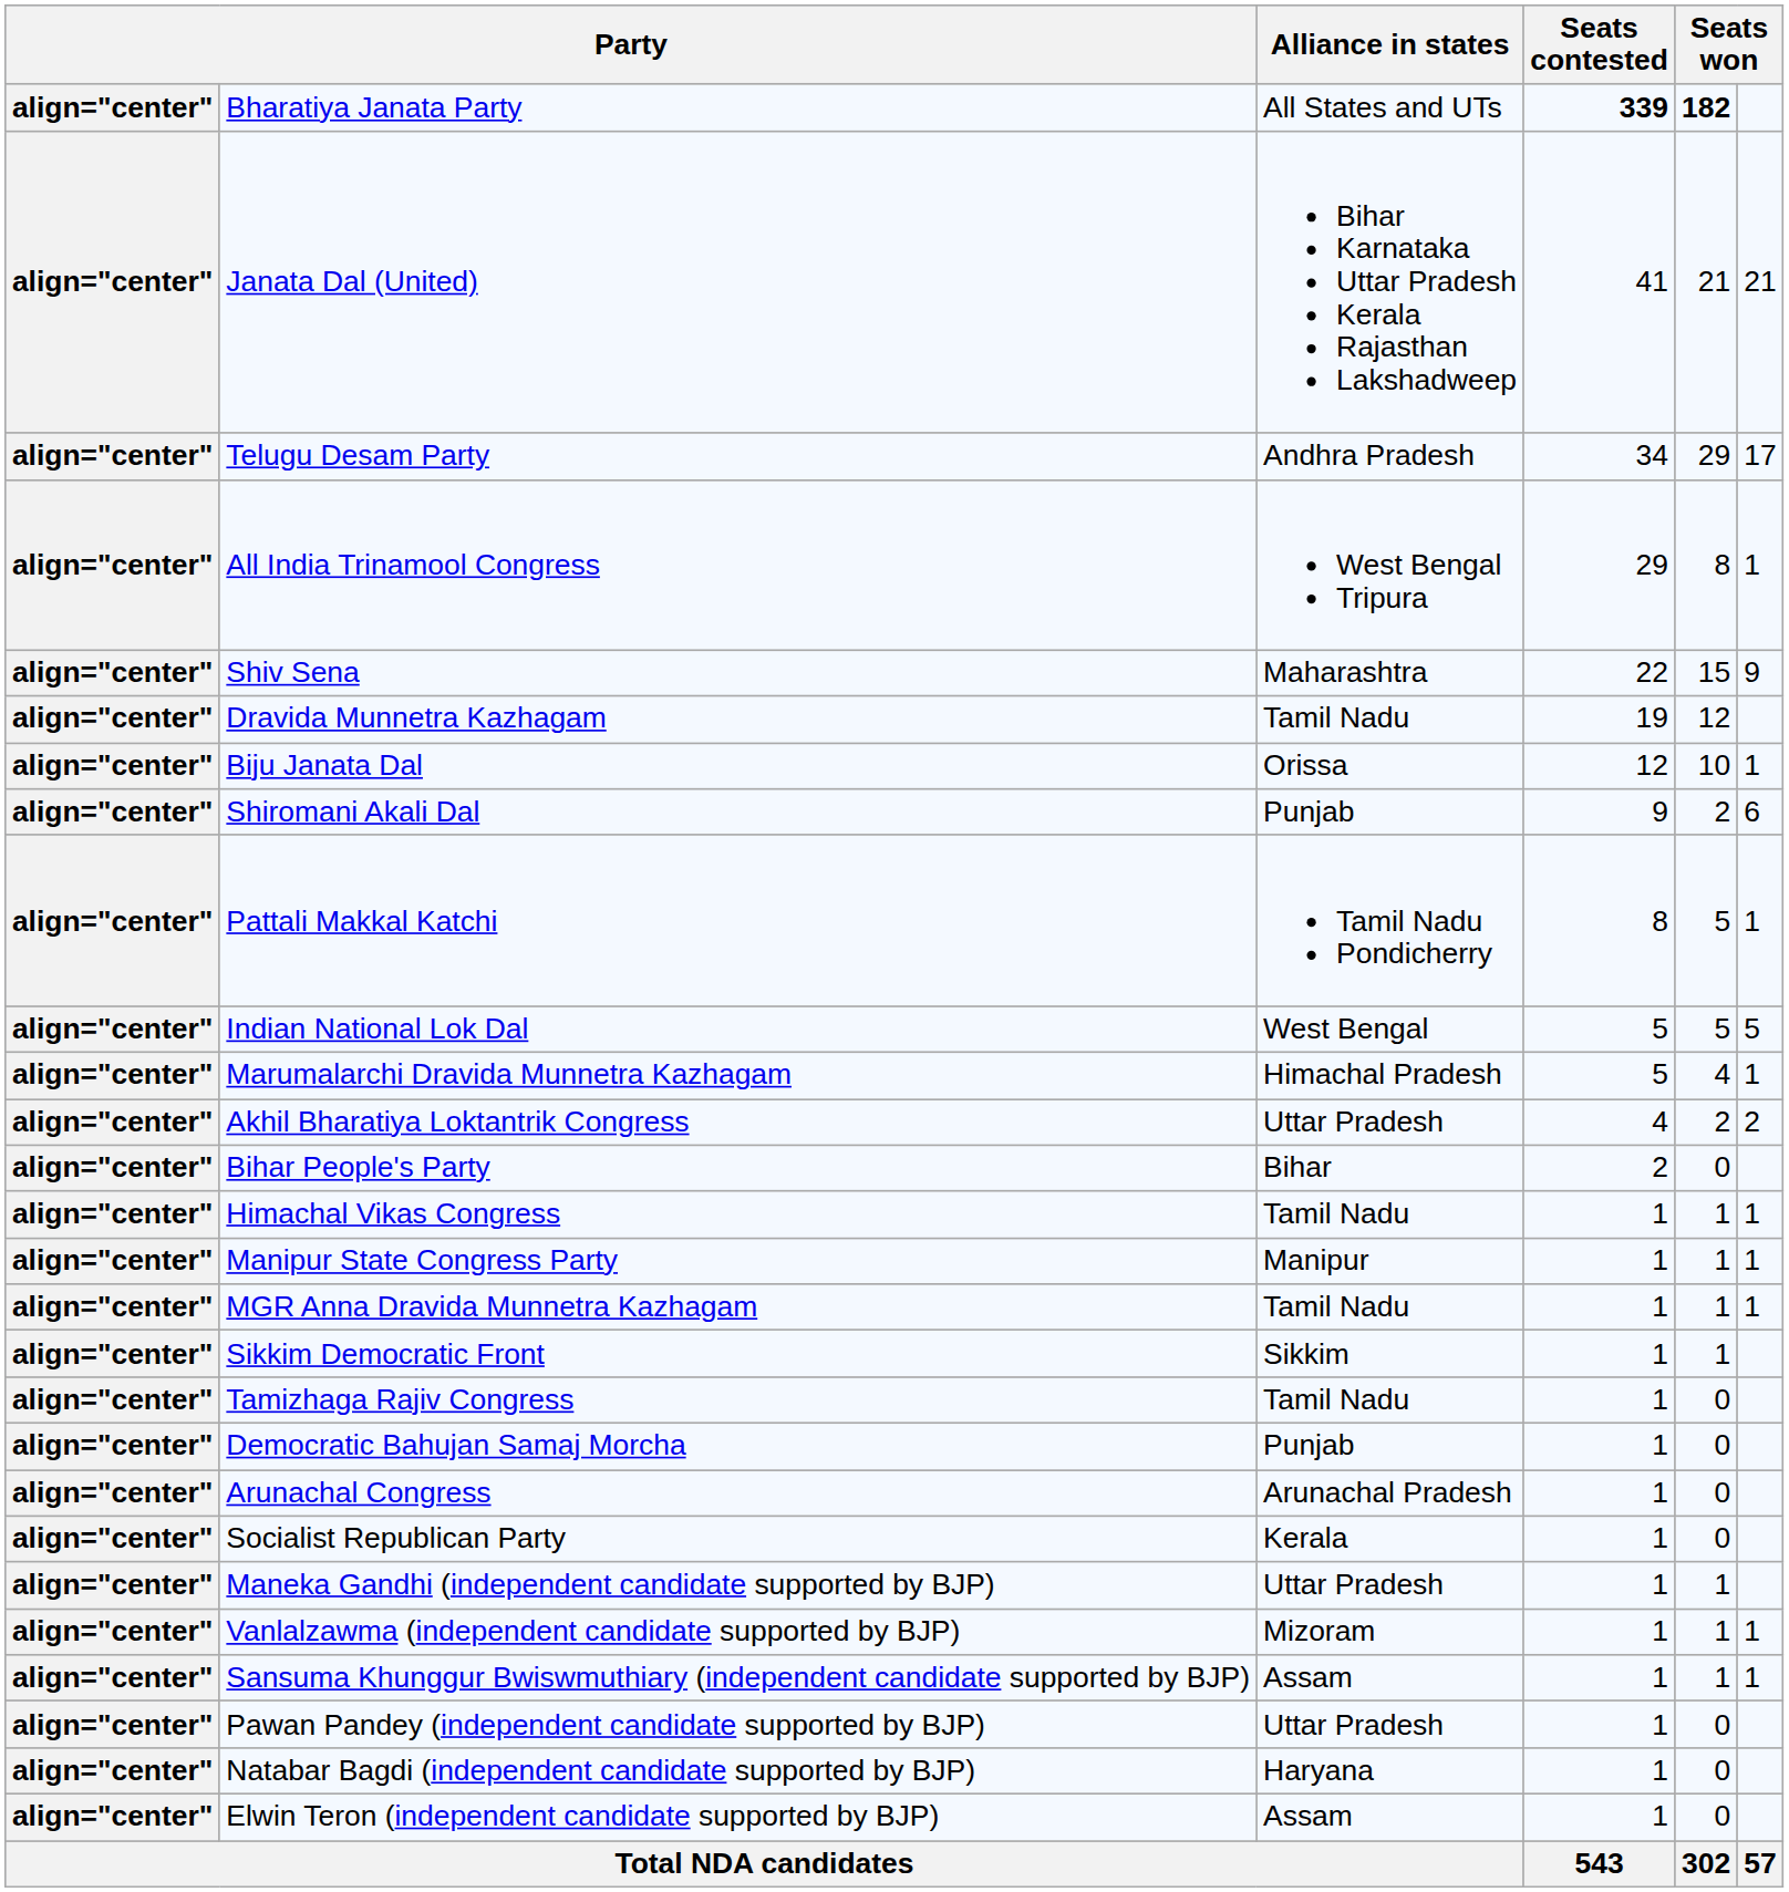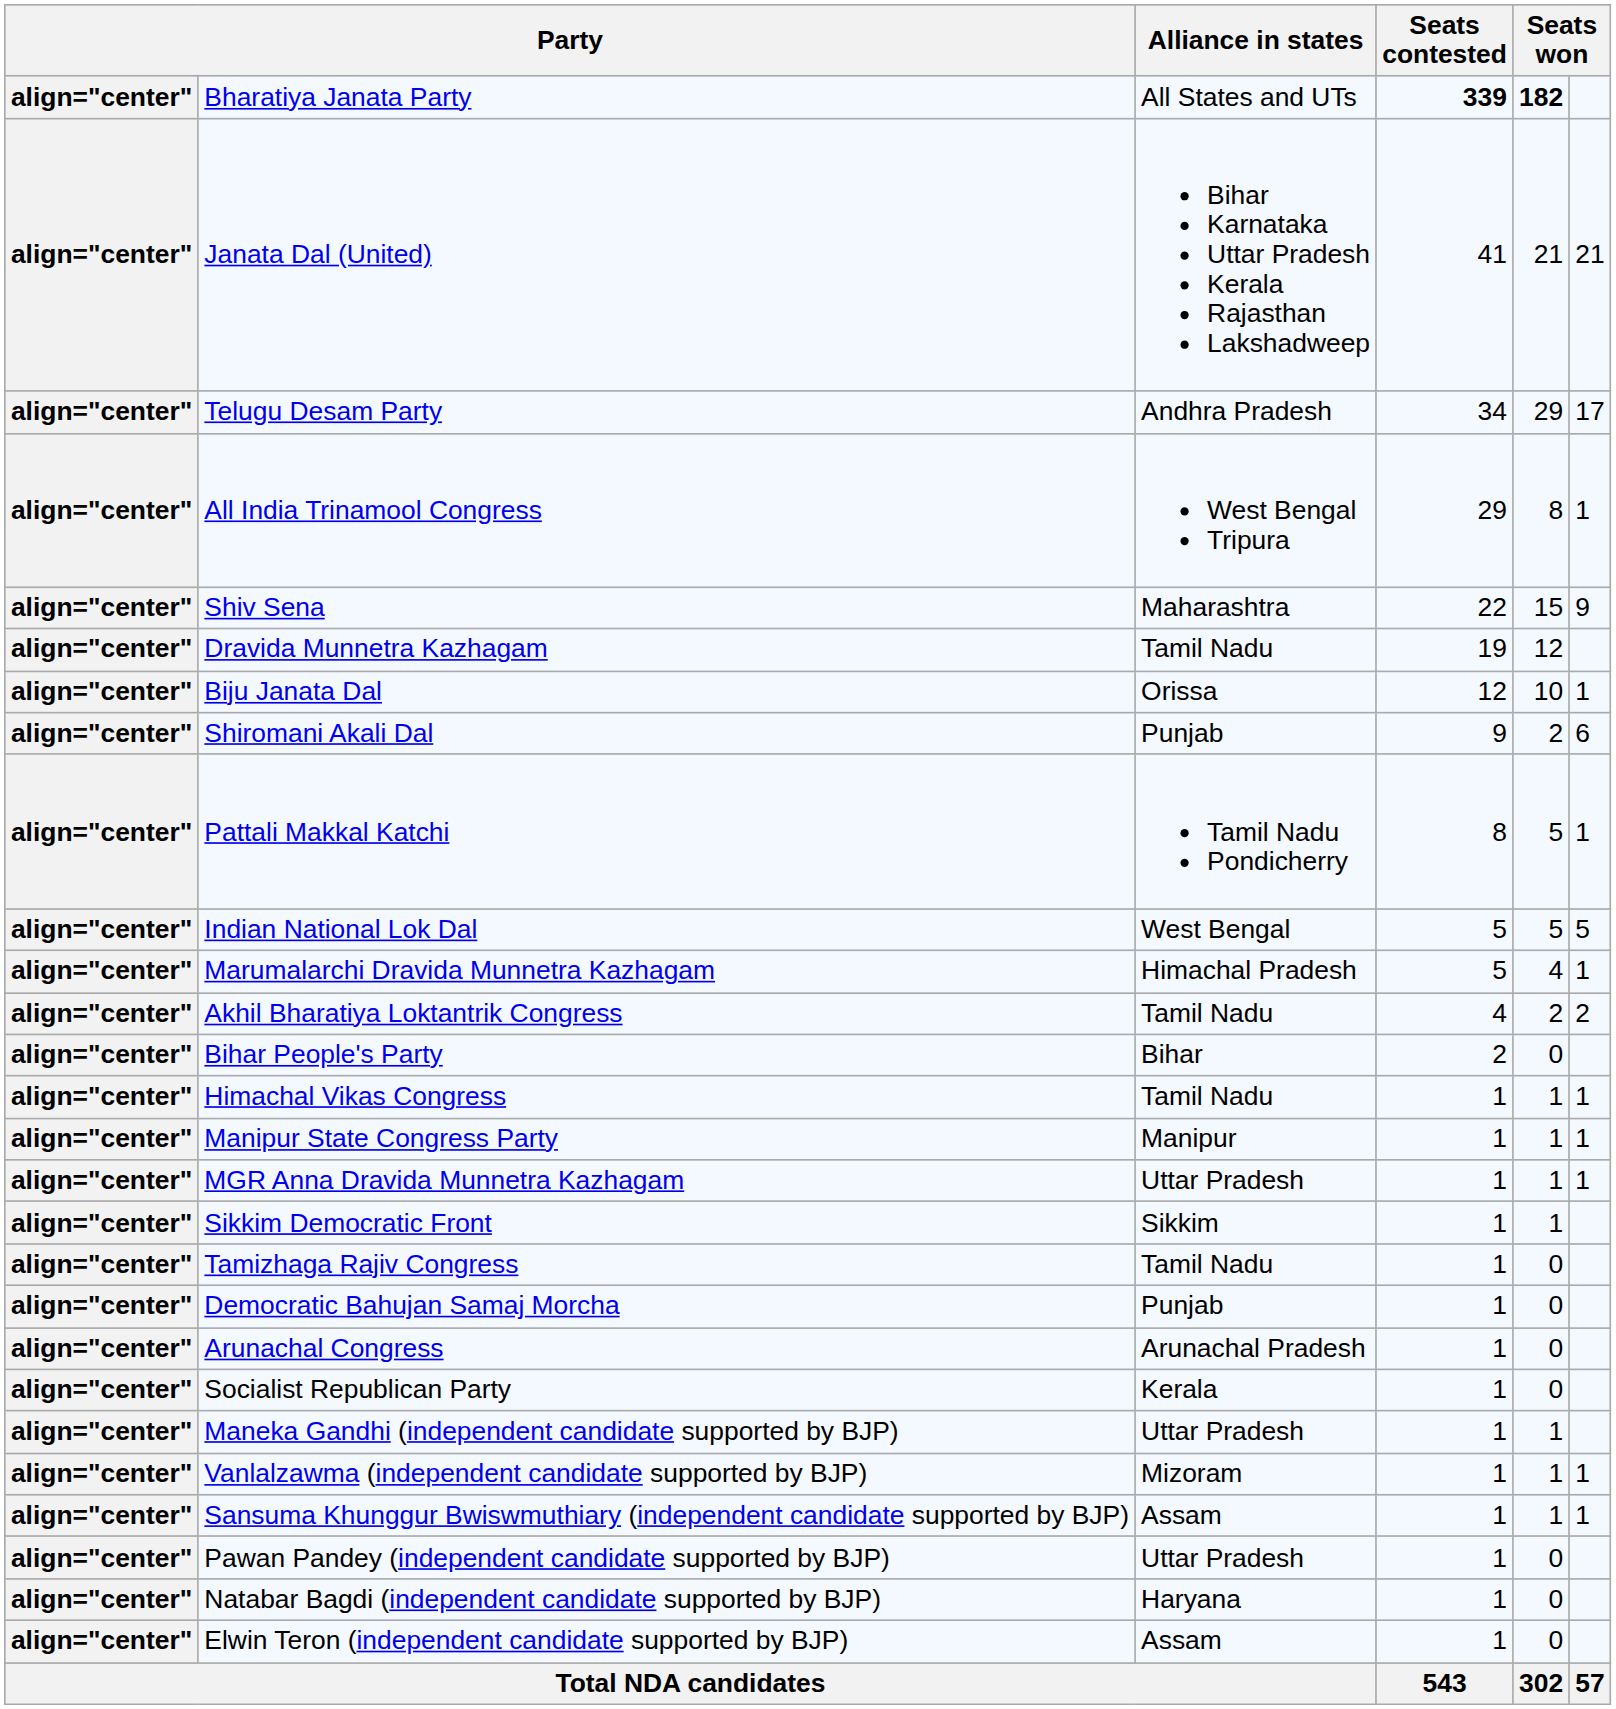 <table class="wikitable sortable" style="background-color:#F4F9FF;">
 <tr>
 <th colspan="2">Party</th>
 <th>Alliance in states</th>
 <th>Seats <br>contested</th>
 <th colspan="2">Seats <br>won</th>
 </tr>
 <tr>
 <th>align="center" </th>
 <td><a href='#'>Bharatiya Janata Party</a></td>
 <td>All States and UTs</td>
 <td align=right><strong>339</strong></td>
 <td align=right><strong>182</strong></td>
 <td></td>
 </tr>
 <tr>
 <th>align="center" </th>
 <td><a href='#'>Janata Dal (United)</a></td>
 <td><br><ul><li>Bihar</li><li>Karnataka</li><li>Uttar Pradesh</li><li>Kerala</li><li>Rajasthan</li><li>Lakshadweep</li></ul></td>
 <td align=right>41</td>
 <td align=right>21</td>
 <td> 21</td>
 </tr>
 <tr>
 <th>align="center" </th>
 <td><a href='#'>Telugu Desam Party</a></td>
 <td>Andhra Pradesh</td>
 <td align=right>34</td>
 <td align=right>29</td>
 <td> 17</td>
 </tr>
 <tr>
 <th>align="center" </th>
 <td><a href='#'>All India Trinamool Congress</a></td>
 <td><br><ul><li>West Bengal</li><li>Tripura</li></ul></td>
 <td align=right>29</td>
 <td align=right>8</td>
 <td> 1</td>
 </tr>
 <tr>
 <th>align="center" </th>
 <td><a href='#'>Shiv Sena</a></td>
 <td>Maharashtra</td>
 <td align=right>22</td>
 <td align=right>15</td>
 <td> 9</td>
 </tr>
 <tr>
 <th>align="center" </th>
 <td><a href='#'>Dravida Munnetra Kazhagam</a></td>
 <td>Tamil Nadu</td>
 <td align=right>19</td>
 <td align=right>12</td>
 <td></td>
 </tr>
 <tr>
 <th>align="center" </th>
 <td><a href='#'>Biju Janata Dal</a></td>
 <td>Orissa</td>
 <td align=right>12</td>
 <td align=right>10</td>
 <td> 1</td>
 </tr>
 <tr>
 <th>align="center" </th>
 <td><a href='#'>Shiromani Akali Dal</a></td>
 <td>Punjab</td>
 <td align=right>9</td>
 <td align=right>2</td>
 <td> 6</td>
 </tr>
 <tr>
 <th>align="center" </th>
 <td><a href='#'>Pattali Makkal Katchi</a></td>
 <td><br><ul><li>Tamil Nadu</li><li>Pondicherry</li></ul></td>
 <td align=right>8</td>
 <td align=right>5</td>
 <td> 1</td>
 </tr>
 <tr>
 <th>align="center" </th>
 <td><a href='#'>Indian National Lok Dal</a></td>
 <td>West Bengal</td>
 <td align=right>5</td>
 <td align=right>5</td>
 <td> 5</td>
 </tr>
 <tr>
 <th>align="center" </th>
 <td><a href='#'>Marumalarchi Dravida Munnetra Kazhagam</a></td>
 <td>Himachal Pradesh</td>
 <td align=right>5</td>
 <td align=right>4</td>
 <td> 1</td>
 </tr>
 <tr>
 <th>align="center" </th>
 <td><a href='#'>Akhil Bharatiya Loktantrik Congress</a></td>
-<td>Uttar Pradesh</td>
+<td>Tamil Nadu</td>
 <td align=right>4</td>
 <td align=right>2</td>
 <td> 2</td>
 </tr>
 <tr>
 <th>align="center" </th>
 <td><a href='#'>Bihar People's Party</a></td>
 <td>Bihar</td>
 <td align=right>2</td>
 <td align=right>0</td>
 <td></td>
 </tr>
 <tr>
 <th>align="center" </th>
 <td><a href='#'>Himachal Vikas Congress</a></td>
 <td>Tamil Nadu</td>
 <td align=right>1</td>
 <td align=right>1</td>
 <td> 1</td>
 </tr>
 <tr>
 <th>align="center" </th>
 <td><a href='#'>Manipur State Congress Party</a></td>
 <td>Manipur</td>
 <td align=right>1</td>
 <td align=right>1</td>
 <td> 1</td>
 </tr>
 <tr>
 <th>align="center"</th>
 <td><a href='#'>MGR Anna Dravida Munnetra Kazhagam</a></td>
-<td>Tamil Nadu</td>
+<td>Uttar Pradesh</td>
 <td align=right>1</td>
 <td align=right>1</td>
 <td> 1</td>
 </tr>
 <tr>
 <th>align="center" </th>
 <td><a href='#'>Sikkim Democratic Front</a></td>
 <td>Sikkim</td>
 <td align=right>1</td>
 <td align=right>1</td>
 <td></td>
 </tr>
 <tr>
 <th>align="center" </th>
 <td><a href='#'>Tamizhaga Rajiv Congress</a></td>
 <td>Tamil Nadu</td>
 <td align=right>1</td>
 <td align=right>0</td>
 <td></td>
 </tr>
 <tr>
 <th>align="center" </th>
 <td><a href='#'>Democratic Bahujan Samaj Morcha</a></td>
 <td>Punjab</td>
 <td align=right>1</td>
 <td align=right>0</td>
 <td></td>
 </tr>
 <tr>
 <th>align="center" </th>
 <td><a href='#'>Arunachal Congress</a></td>
 <td>Arunachal Pradesh</td>
 <td align=right>1</td>
 <td align=right>0</td>
 <td></td>
 </tr>
 <tr>
 <th>align="center" </th>
 <td>Socialist Republican Party</td>
 <td>Kerala</td>
 <td align=right>1</td>
 <td align=right>0</td>
 <td></td>
 </tr>
 <tr>
 <th>align="center" </th>
 <td><a href='#'>Maneka Gandhi</a> (<a href='#'>independent candidate</a> supported by BJP)</td>
 <td>Uttar Pradesh</td>
 <td align=right>1</td>
 <td align=right>1</td>
 <td></td>
 </tr>
 <tr>
 <th>align="center" </th>
 <td><a href='#'>Vanlalzawma</a> (<a href='#'>independent candidate</a> supported by BJP)</td>
 <td>Mizoram</td>
 <td align=right>1</td>
 <td align=right>1</td>
 <td> 1</td>
 </tr>
 <tr>
 <th>align="center" </th>
 <td><a href='#'>Sansuma Khunggur Bwiswmuthiary</a> (<a href='#'>independent candidate</a> supported by BJP)</td>
 <td>Assam</td>
 <td align=right>1</td>
 <td align=right>1</td>
 <td> 1</td>
 </tr>
 <tr>
 <th>align="center" </th>
 <td>Pawan Pandey (<a href='#'>independent candidate</a> supported by BJP)</td>
 <td>Uttar Pradesh</td>
 <td align=right>1</td>
 <td align=right>0</td>
 <td></td>
 </tr>
 <tr>
 <th>align="center" </th>
 <td>Natabar Bagdi (<a href='#'>independent candidate</a> supported by BJP)</td>
 <td>Haryana</td>
 <td align=right>1</td>
 <td align=right>0</td>
 <td></td>
 </tr>
 <tr>
 <th>align="center" </th>
 <td>Elwin Teron (<a href='#'>independent candidate</a> supported by BJP)</td>
 <td>Assam</td>
 <td align=right>1</td>
 <td align=right>0</td>
 <td></td>
 </tr>
 <tr>
 <th colspan="3">Total NDA candidates</th>
 <th><strong>543</strong></th>
 <th><strong>302</strong></th>
 <th><strong> 57</strong></th>
 </tr>
 </table>
